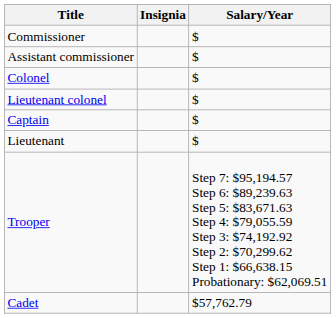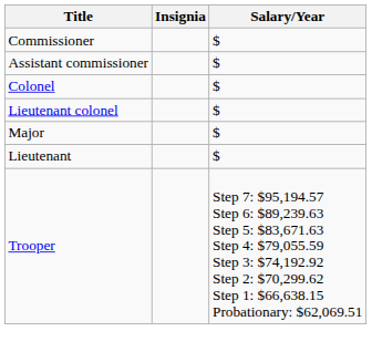 <table class="wikitable">
 <tr>
 <th>Title</th>
 <th>Insignia</th>
 <th>Salary/Year</th>
 </tr>
 <tr>
 <td>Commissioner</td>
 <td></td>
 <td>$</td>
 </tr>
 <tr>
 <td>Assistant commissioner</td>
 <td></td>
 <td>$</td>
 </tr>
 <tr>
 <td><a href='#'>Colonel</a></td>
 <td></td>
 <td>$</td>
 </tr>
 <tr>
 <td><a href='#'>Lieutenant colonel</a></td>
 <td></td>
 <td>$</td>
 </tr>
 <tr>
-<td><a href='#'>Captain</a></td>
+<td>Major</td>
 <td></td>
 <td>$</td>
 </tr>
 <tr>
 <td>Lieutenant</td>
 <td></td>
 <td>$</td>
 </tr>
 <tr>
 <td><a href='#'>Trooper</a></td>
 <td></td>
 <td><br>Step 7: $95,194.57<br> Step 6: $89,239.63<br> Step 5: $83,671.63<br> Step 4: $79,055.59<br> Step 3: $74,192.92<br> Step 2: $70,299.62<br> Step 1: $66,638.15<br> Probationary: $62,069.51<br></td>
 </tr>
-<tr>
-<td><a href='#'>Cadet</a></td>
-<td></td>
-<td>$57,762.79</td>
-</tr>
 </table>
